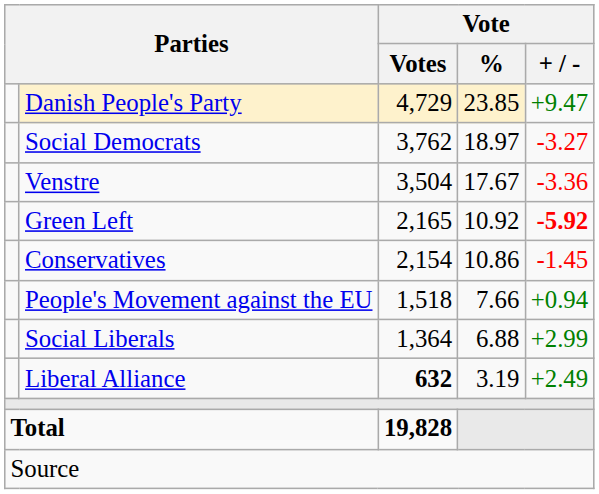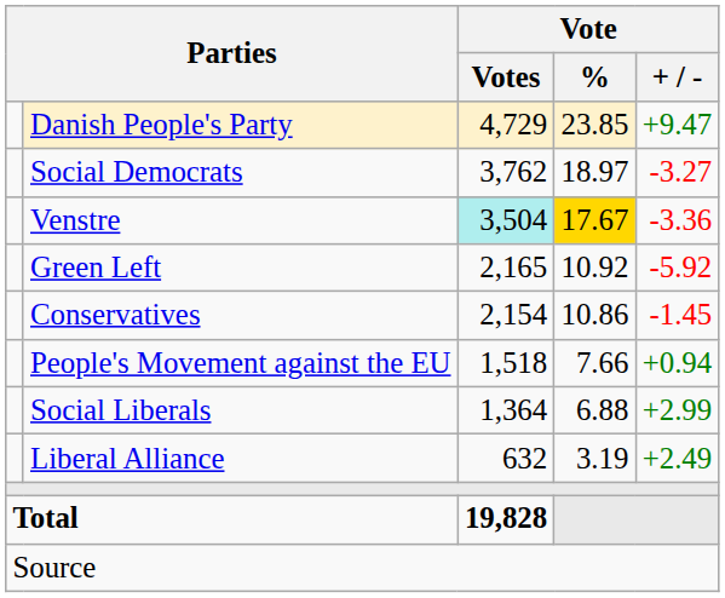 <table class="wikitable" style="text-align:right;">
 <tr>
 <th style="text-align:centre;" rowspan="2" colspan="2" width="225">Parties</th>
 <th colspan="3">Vote</th>
 </tr>
 <tr>
 <th width="15">Votes</th>
 <th width="15">%</th>
 <th width="15">+ / -</th>
 </tr>
 <tr>
 <td width="2" style="color:inherit;background:"></td>
 <td bgcolor=#fef2cc   align="left"><a href='#'>Danish People's Party</a></td>
 <td bgcolor=#fef2cc>4,729</td>
 <td bgcolor=#fef2cc>23.85</td>
 <td style=color:green;>+9.47</td>
 </tr>
 <tr>
 <td width="2" style="color:inherit;background:"></td>
 <td align="left"><a href='#'>Social Democrats</a></td>
 <td>3,762</td>
 <td>18.97</td>
 <td style=color:red;>-3.27</td>
 </tr>
 <tr>
 <td width="2" style="color:inherit;background:"></td>
 <td align="left"><a href='#'>Venstre</a></td>
-<td>3,504</td>
-<td>17.67</td>
+<td style="background: paleturquoise;">3,504</td>
+<td style="background: gold;">17.67</td>
 <td style=color:red;>-3.36</td>
 </tr>
 <tr>
 <td width="2" style="color:inherit;background:"></td>
 <td align="left"><a href='#'>Green Left</a></td>
 <td>2,165</td>
 <td>10.92</td>
-<td style=color:red;><strong>-5.92</strong></td>
+<td style=color:red;>-5.92</td>
 </tr>
 <tr>
 <td width="2" style="color:inherit;background:"></td>
 <td align="left"><a href='#'>Conservatives</a></td>
 <td>2,154</td>
 <td>10.86</td>
 <td style=color:red;>-1.45</td>
 </tr>
 <tr>
 <td width="2" style="color:inherit;background:"></td>
 <td align="left"><a href='#'>People's Movement against the EU</a></td>
 <td>1,518</td>
 <td>7.66</td>
 <td style=color:green;>+0.94</td>
 </tr>
 <tr>
 <td width="2" style="color:inherit;background:"></td>
 <td align="left"><a href='#'>Social Liberals</a></td>
 <td>1,364</td>
 <td>6.88</td>
 <td style=color:green;>+2.99</td>
 </tr>
 <tr>
 <td width="2" style="color:inherit;background:"></td>
 <td align="left"><a href='#'>Liberal Alliance</a></td>
-<td><strong>632</strong></td>
+<td>632</td>
 <td>3.19</td>
 <td style=color:green;>+2.49</td>
 </tr>
 <tr>
 <td colspan="7" bgcolor="#E9E9E9"></td>
 </tr>
 <tr>
 <td align="left" colspan="2"><strong>Total</strong></td>
 <td><strong>19,828</strong></td>
 <td bgcolor="#E9E9E9" colspan="2"></td>
 </tr>
 <tr>
 <td align="left" colspan="6">Source</td>
 </tr>
 </table>
